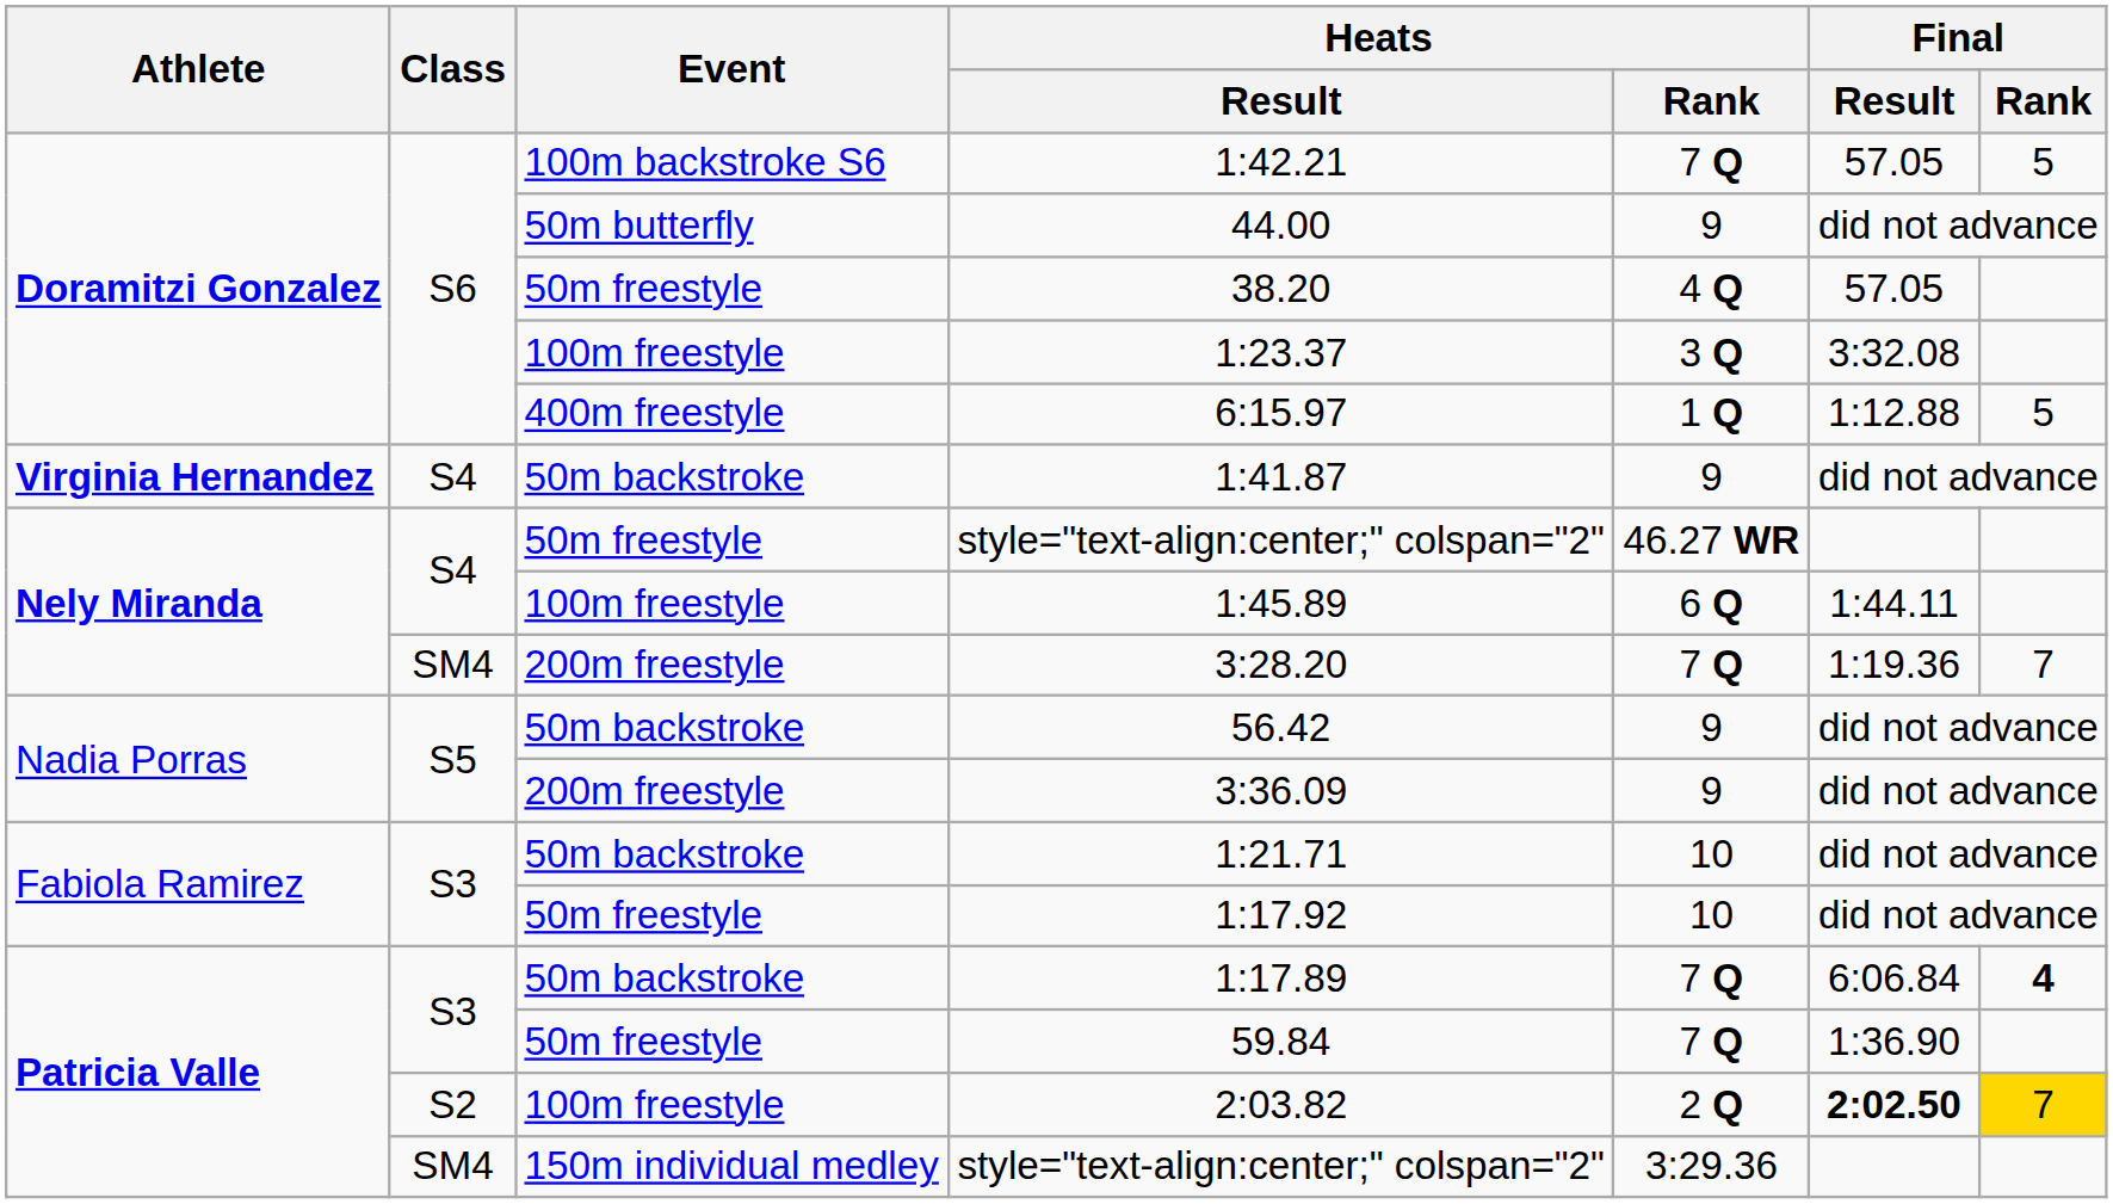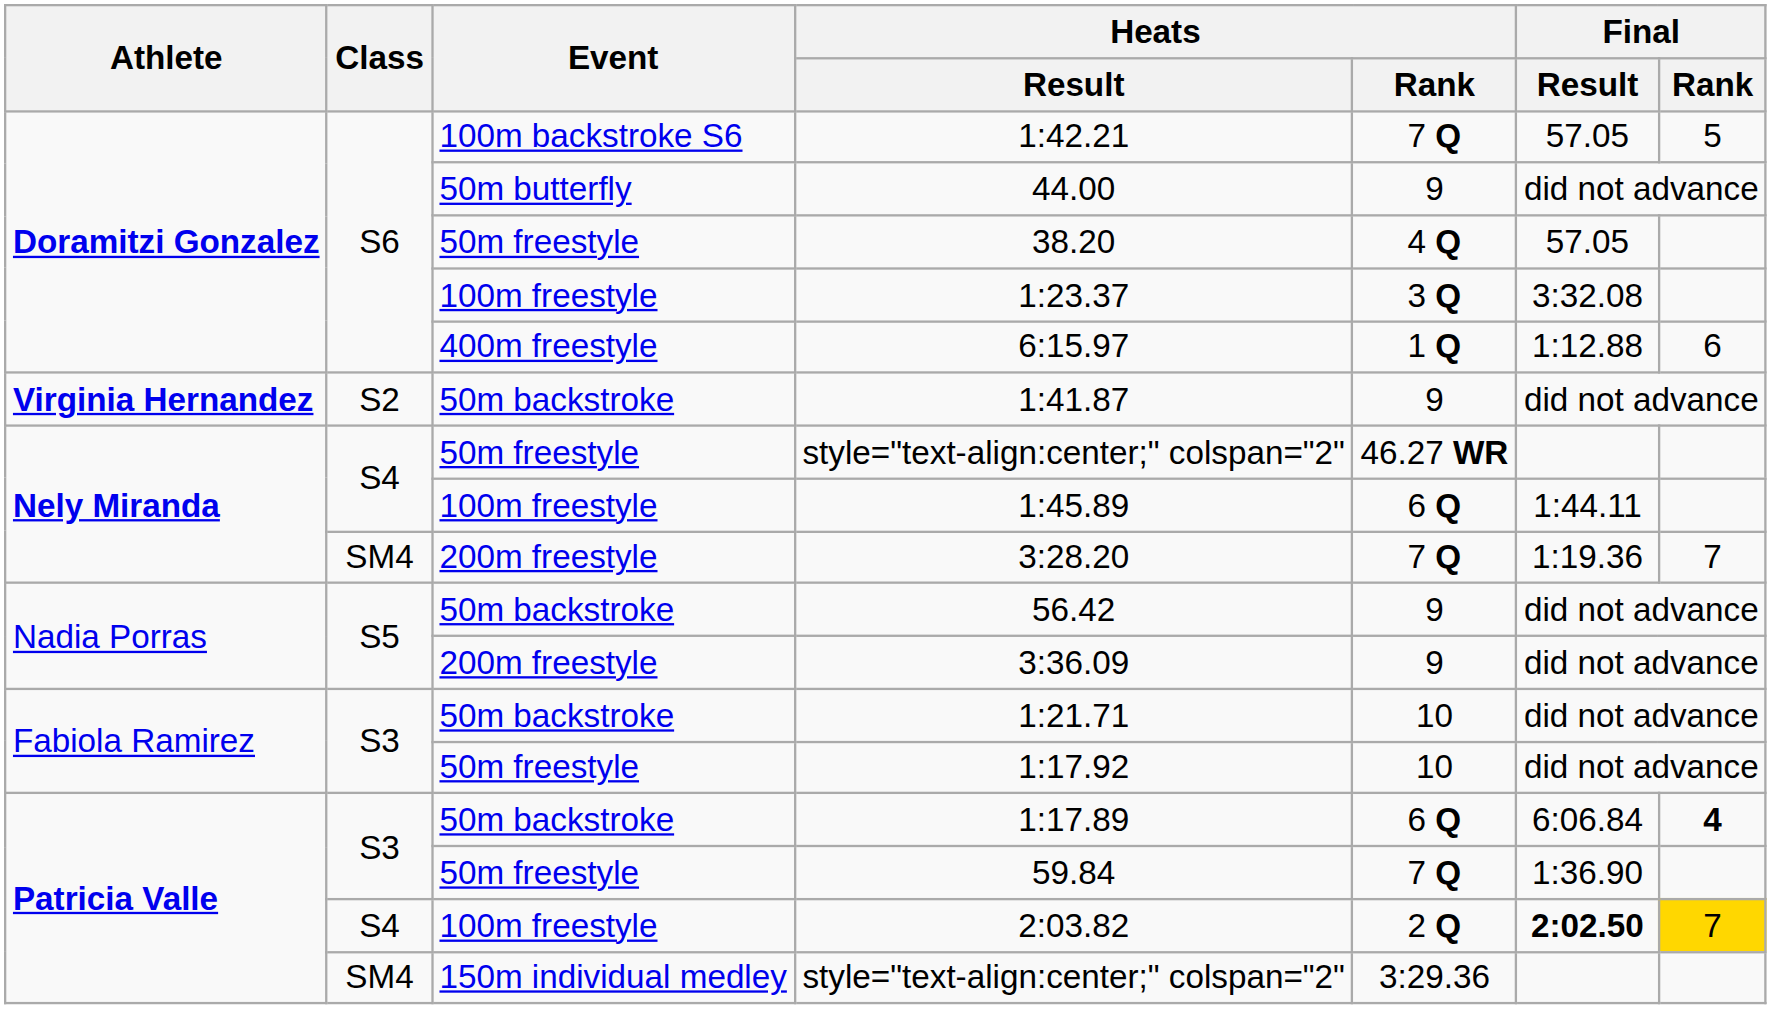 <table class=wikitable style="font-size:90%">
 <tr>
 <th rowspan="2">Athlete</th>
 <th rowspan="2">Class</th>
 <th rowspan="2">Event</th>
 <th colspan="2">Heats</th>
 <th colspan="2">Final</th>
 </tr>
 <tr>
 <th>Result</th>
 <th>Rank</th>
 <th>Result</th>
 <th>Rank</th>
 </tr>
 <tr>
 <td rowspan="5"><strong><a href='#'>Doramitzi Gonzalez</a></strong></td>
 <td rowspan="5" style="text-align:center;">S6</td>
 <td><a href='#'>100m backstroke S6</a></td>
 <td style="text-align:center;">1:42.21</td>
 <td style="text-align:center;">7 <strong>Q</strong></td>
 <td style="text-align:center;">57.05</td>
 <td style="text-align:center;">5</td>
 </tr>
 <tr>
 <td><a href='#'>50m butterfly</a></td>
 <td style="text-align:center;">44.00</td>
 <td style="text-align:center;">9</td>
 <td style="text-align:center;" colspan="2">did not advance</td>
 </tr>
 <tr>
 <td><a href='#'>50m freestyle</a></td>
 <td style="text-align:center;">38.20</td>
 <td style="text-align:center;">4 <strong>Q</strong></td>
 <td style="text-align:center;">57.05</td>
 <td style="text-align:center;"></td>
 </tr>
 <tr>
 <td><a href='#'>100m freestyle</a></td>
 <td style="text-align:center;">1:23.37</td>
 <td style="text-align:center;">3 <strong>Q</strong></td>
 <td style="text-align:center;">3:32.08</td>
 <td style="text-align:center;"></td>
 </tr>
 <tr>
 <td><a href='#'>400m freestyle</a></td>
 <td style="text-align:center;">6:15.97</td>
 <td style="text-align:center;">1 <strong>Q</strong></td>
 <td style="text-align:center;">1:12.88</td>
-<td style="text-align:center;">5</td>
+<td style="text-align:center;">6</td>
 </tr>
 <tr>
 <td><strong><a href='#'>Virginia Hernandez</a></strong></td>
-<td style="text-align:center;">S4</td>
+<td style="text-align:center;">S2</td>
 <td><a href='#'>50m backstroke</a></td>
 <td style="text-align:center;">1:41.87</td>
 <td style="text-align:center;">9</td>
 <td style="text-align:center;" colspan="2">did not advance</td>
 </tr>
 <tr>
 <td rowspan="3"><strong><a href='#'>Nely Miranda</a></strong></td>
 <td rowspan="2" style="text-align:center;">S4</td>
 <td><a href='#'>50m freestyle</a></td>
 <td>style="text-align:center;" colspan="2" </td>
 <td style="text-align:center;">46.27 <strong>WR</strong></td>
 <td style="text-align:center;"></td>
 </tr>
 <tr>
 <td><a href='#'>100m freestyle</a></td>
 <td style="text-align:center;">1:45.89</td>
 <td style="text-align:center;">6 <strong>Q</strong></td>
 <td style="text-align:center;">1:44.11</td>
 <td style="text-align:center;"></td>
 </tr>
 <tr>
 <td style="text-align:center;">SM4</td>
 <td><a href='#'>200m freestyle</a></td>
 <td style="text-align:center;">3:28.20</td>
 <td style="text-align:center;">7 <strong>Q</strong></td>
 <td style="text-align:center;">1:19.36</td>
 <td style="text-align:center;">7</td>
 </tr>
 <tr>
 <td rowspan="2"><a href='#'>Nadia Porras</a></td>
 <td rowspan="2" style="text-align:center;">S5</td>
 <td><a href='#'>50m backstroke</a></td>
 <td style="text-align:center;">56.42</td>
 <td style="text-align:center;">9</td>
 <td style="text-align:center;" colspan="2">did not advance</td>
 </tr>
 <tr>
 <td><a href='#'>200m freestyle</a></td>
 <td style="text-align:center;">3:36.09</td>
 <td style="text-align:center;">9</td>
 <td style="text-align:center;" colspan="2">did not advance</td>
 </tr>
 <tr>
 <td rowspan="2"><a href='#'>Fabiola Ramirez</a></td>
 <td rowspan="2" style="text-align:center;">S3</td>
 <td><a href='#'>50m backstroke</a></td>
 <td style="text-align:center;">1:21.71</td>
 <td style="text-align:center;">10</td>
 <td style="text-align:center;" colspan="2">did not advance</td>
 </tr>
 <tr>
 <td><a href='#'>50m freestyle</a></td>
 <td style="text-align:center;">1:17.92</td>
 <td style="text-align:center;">10</td>
 <td style="text-align:center;" colspan="2">did not advance</td>
 </tr>
 <tr>
 <td rowspan="4"><strong><a href='#'>Patricia Valle</a></strong></td>
 <td rowspan="2" style="text-align:center;">S3</td>
 <td><a href='#'>50m backstroke</a></td>
 <td style="text-align:center;">1:17.89</td>
-<td style="text-align:center;">7 <strong>Q</strong></td>
+<td style="text-align:center;">6 <strong>Q</strong></td>
 <td style="text-align:center;">6:06.84</td>
 <td style="text-align:center;"><strong>4</strong></td>
 </tr>
 <tr>
 <td><a href='#'>50m freestyle</a></td>
 <td style="text-align:center;">59.84</td>
 <td style="text-align:center;">7 <strong>Q</strong></td>
 <td style="text-align:center;">1:36.90</td>
 <td style="text-align:center;"></td>
 </tr>
 <tr>
-<td style="text-align:center;">S2</td>
+<td style="text-align:center;">S4</td>
 <td><a href='#'>100m freestyle</a></td>
 <td style="text-align:center;">2:03.82</td>
 <td style="text-align:center;">2 <strong>Q</strong></td>
 <td style="text-align:center;"><strong>2:02.50</strong></td>
 <td style="background: gold; text-align:center;">7</td>
 </tr>
 <tr>
 <td style="text-align:center;">SM4</td>
 <td><a href='#'>150m individual medley</a></td>
 <td>style="text-align:center;" colspan="2" </td>
 <td style="text-align:center;">3:29.36</td>
 <td style="text-align:center;"></td>
 </tr>
 </table>
